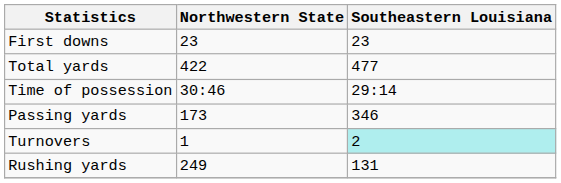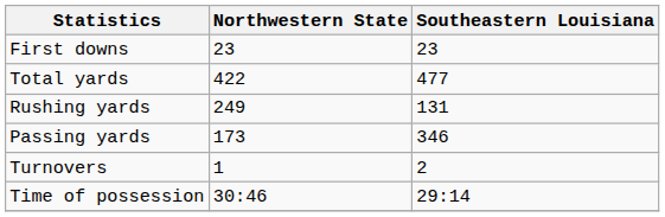 <table class="wikitable">
 <tr>
 <th>Statistics</th>
 <th>Northwestern State</th>
 <th>Southeastern Louisiana</th>
 </tr>
 <tr>
 <td>First downs</td>
 <td>23</td>
 <td>23</td>
 </tr>
 <tr>
 <td>Total yards</td>
 <td>422</td>
 <td>477</td>
 </tr>
 <tr>
-<td>Time of possession</td>
-<td>30:46</td>
-<td>29:14</td>
+<td>Rushing yards</td>
+<td>249</td>
+<td>131</td>
 </tr>
 <tr>
 <td>Passing yards</td>
 <td>173</td>
 <td>346</td>
 </tr>
 <tr>
 <td>Turnovers</td>
 <td>1</td>
-<td style="background: paleturquoise;">2</td>
+<td>2</td>
 </tr>
 <tr>
-<td>Rushing yards</td>
-<td>249</td>
-<td>131</td>
+<td>Time of possession</td>
+<td>30:46</td>
+<td>29:14</td>
 </tr>
 <tr>
 </tr>
 </table>
